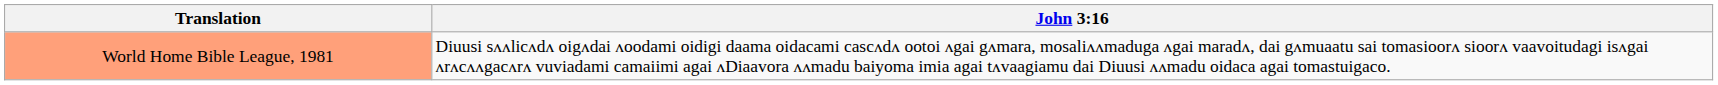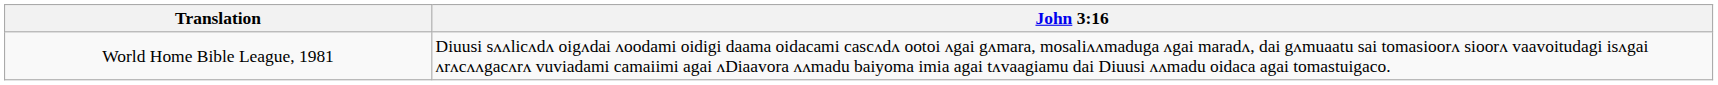 <table class="wikitable">
 <tr>
 <th align="center" width="25%">Translation</th>
 <th><a href='#'>John</a> 3:16</th>
 </tr>
 <tr>
-<td align="center" style="background: lightsalmon;">World Home Bible League, 1981</td>
+<td align="center">World Home Bible League, 1981</td>
 <td>Diuusi sʌʌlicʌdʌ oigʌdai ʌoodami oidigi daama oidacami cascʌdʌ ootoi ʌgai gʌmara, mosaliʌʌmaduga ʌgai maradʌ, dai gʌmuaatu sai tomasioorʌ sioorʌ vaavoitudagi isʌgai ʌrʌcʌʌgacʌrʌ vuviadami camaiimi agai ʌDiaavora ʌʌmadu baiyoma imia agai tʌvaagiamu dai Diuusi ʌʌmadu oidaca agai tomastuigaco.</td>
 </tr>
 </table>
